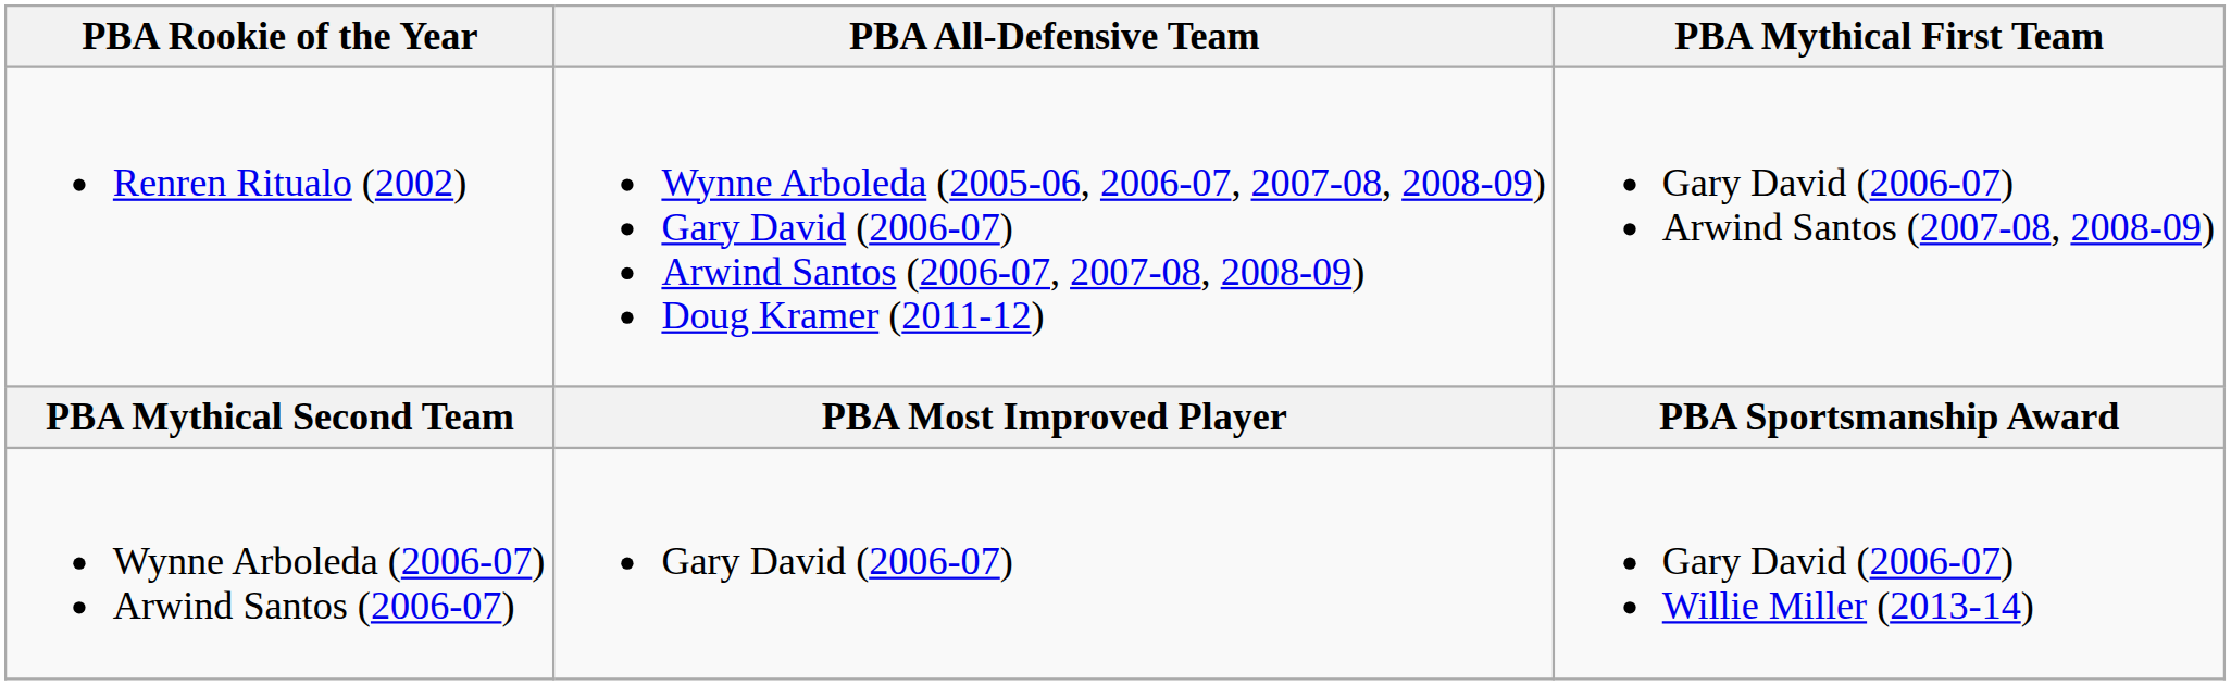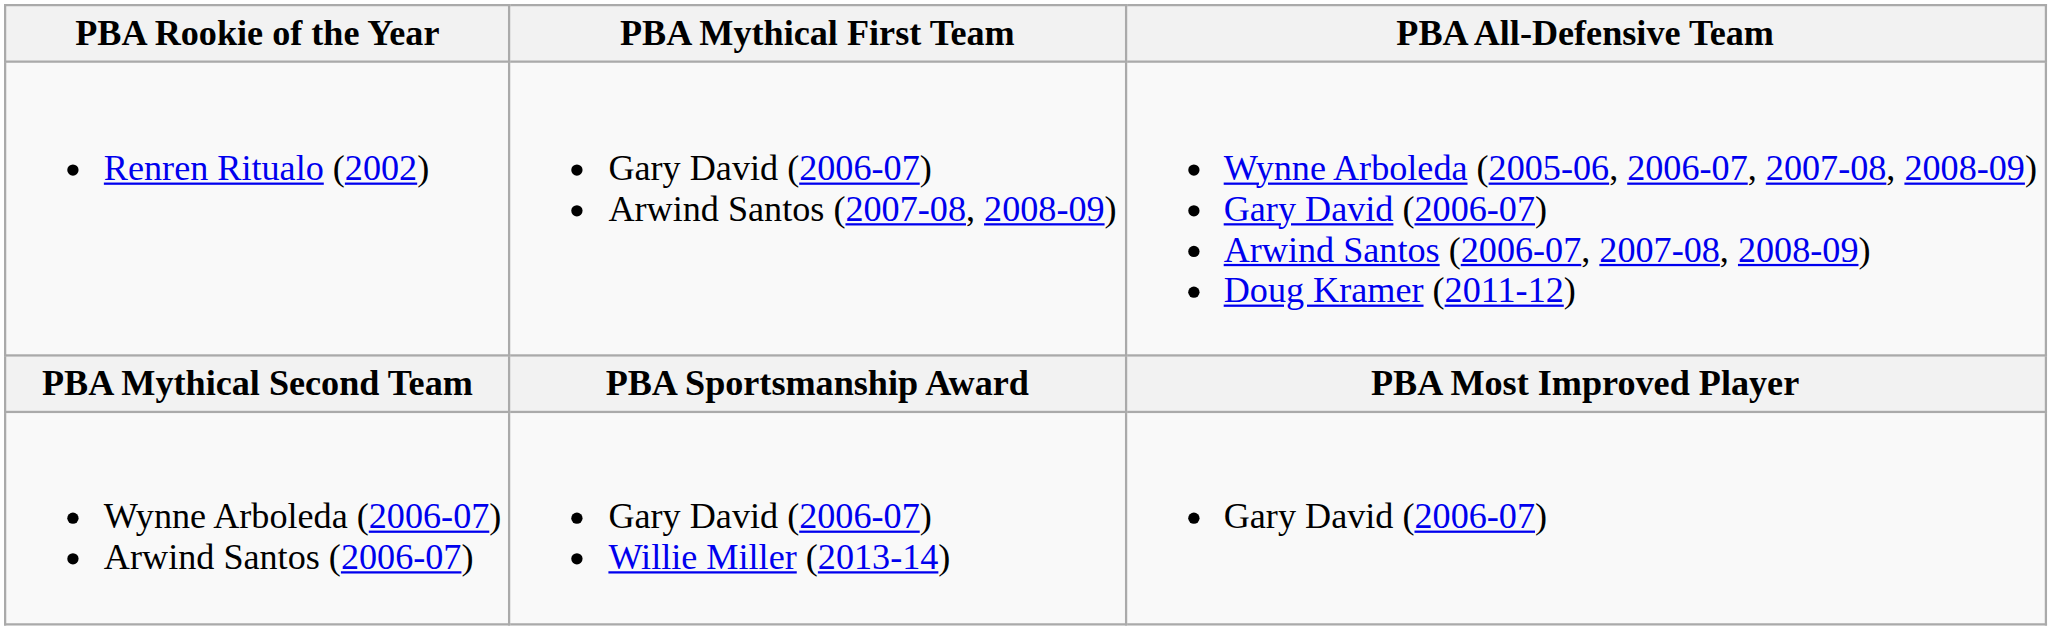 <table class=wikitable>
 <tr>
 <th>PBA Rookie of the Year</th>
+<th>PBA Mythical First Team</th>
 <th>PBA All-Defensive Team</th>
-<th>PBA Mythical First Team</th>
 </tr>
 <tr>
 <td valign="top"><br><ul><li><a href='#'>Renren Ritualo</a> (<a href='#'>2002</a>)</li></ul></td>
+<td valign="top"><br><ul><li>Gary David (<a href='#'>2006-07</a>)</li><li>Arwind Santos (<a href='#'>2007-08</a>, <a href='#'>2008-09</a>)</li></ul></td>
 <td valign="top"><br><ul><li><a href='#'>Wynne Arboleda</a> (<a href='#'>2005-06</a>, <a href='#'>2006-07</a>, <a href='#'>2007-08</a>, <a href='#'>2008-09</a>)</li><li><a href='#'>Gary David</a> (<a href='#'>2006-07</a>)</li><li><a href='#'>Arwind Santos</a> (<a href='#'>2006-07</a>, <a href='#'>2007-08</a>, <a href='#'>2008-09</a>)</li><li><a href='#'>Doug Kramer</a> (<a href='#'>2011-12</a>)</li></ul></td>
-<td valign="top"><br><ul><li>Gary David (<a href='#'>2006-07</a>)</li><li>Arwind Santos (<a href='#'>2007-08</a>, <a href='#'>2008-09</a>)</li></ul></td>
 </tr>
 <tr>
 <th>PBA Mythical Second Team</th>
+<th>PBA Sportsmanship Award</th>
 <th>PBA Most Improved Player</th>
-<th>PBA Sportsmanship Award</th>
 </tr>
 <tr>
 <td valign="top"><br><ul><li>Wynne Arboleda (<a href='#'>2006-07</a>)</li><li>Arwind Santos (<a href='#'>2006-07</a>)</li></ul></td>
+<td valign="top"><br><ul><li>Gary David (<a href='#'>2006-07</a>)</li><li><a href='#'>Willie Miller</a> (<a href='#'>2013-14</a>)</li></ul></td>
 <td valign="top"><br><ul><li>Gary David (<a href='#'>2006-07</a>)</li></ul></td>
-<td valign="top"><br><ul><li>Gary David (<a href='#'>2006-07</a>)</li><li><a href='#'>Willie Miller</a> (<a href='#'>2013-14</a>)</li></ul></td>
 </tr>
 </table>
